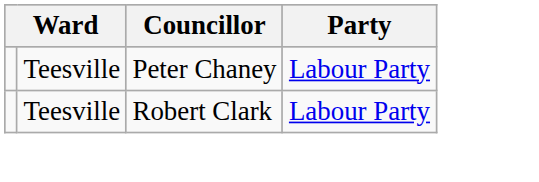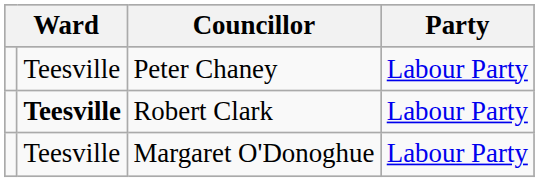 <table class="wikitable">
 <tr>
 <th colspan="2">Ward</th>
 <th>Councillor</th>
 <th>Party</th>
 </tr>
 <tr>
 <td style="background-color: "></td>
 <td>Teesville</td>
 <td>Peter Chaney</td>
 <td><a href='#'>Labour Party</a></td>
 </tr>
 <tr>
 <td style="background-color: "></td>
-<td>Teesville</td>
+<td><strong>Teesville</strong></td>
 <td>Robert Clark</td>
 <td><a href='#'>Labour Party</a></td>
 </tr>
+<tr>
+<td style="background-color: "></td>
+<td>Teesville</td>
+<td>Margaret O'Donoghue</td>
+<td><a href='#'>Labour Party</a></td>
+</tr>
 </table>
